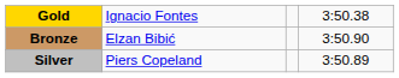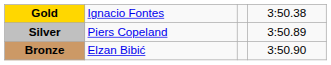 <table class="wikitable" style="text-align:center; " width="35%">
 <tr>
 <td bgcolor="gold"><strong>Gold</strong></td>
 <td align=left><a href='#'>Ignacio Fontes</a></td>
 <td align=left></td>
 <td>3:50.38</td>
 </tr>
 <tr>
+<td bgcolor="silver"><strong>Silver</strong></td>
+<td align=left><a href='#'>Piers Copeland</a></td>
+<td align=left></td>
+<td>3:50.89</td>
+</tr>
+<tr>
 <td bgcolor="CC9966"><strong>Bronze</strong></td>
 <td align=left><a href='#'>Elzan Bibić</a></td>
 <td align=left></td>
 <td>3:50.90</td>
 </tr>
-<tr>
-<td bgcolor="silver"><strong>Silver</strong></td>
-<td align=left><a href='#'>Piers Copeland</a></td>
-<td align=left></td>
-<td>3:50.89</td>
-</tr>
 </table>
